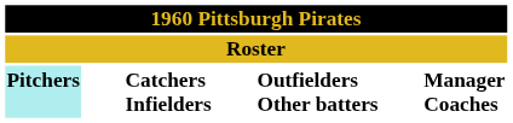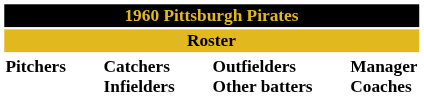 <table class="toccolours" style="font-size: 95%;">
 <tr>
 <th colspan="10" style="background:black; color:#e1b81e; text-align:center;">1960 Pittsburgh Pirates</th>
 </tr>
 <tr>
 <td colspan="10" style="background:#e1b81e; color:black; text-align:center;"><strong>Roster</strong></td>
 </tr>
 <tr>
-<td valign="top" style="background: paleturquoise;"><strong>Pitchers</strong><br>               </td>
+<td valign="top"><strong>Pitchers</strong><br>               </td>
 <td style="width:25px;"></td>
 <td valign="top"><strong>Catchers</strong><br>    <strong>Infielders</strong>         </td>
 <td style="width:25px;"></td>
 <td valign="top"><strong>Outfielders</strong><br>     <strong>Other batters</strong>   </td>
 <td style="width:25px;"></td>
 <td valign="top"><strong>Manager</strong><br> <strong>Coaches</strong>      </td>
 </tr>
 </table>
